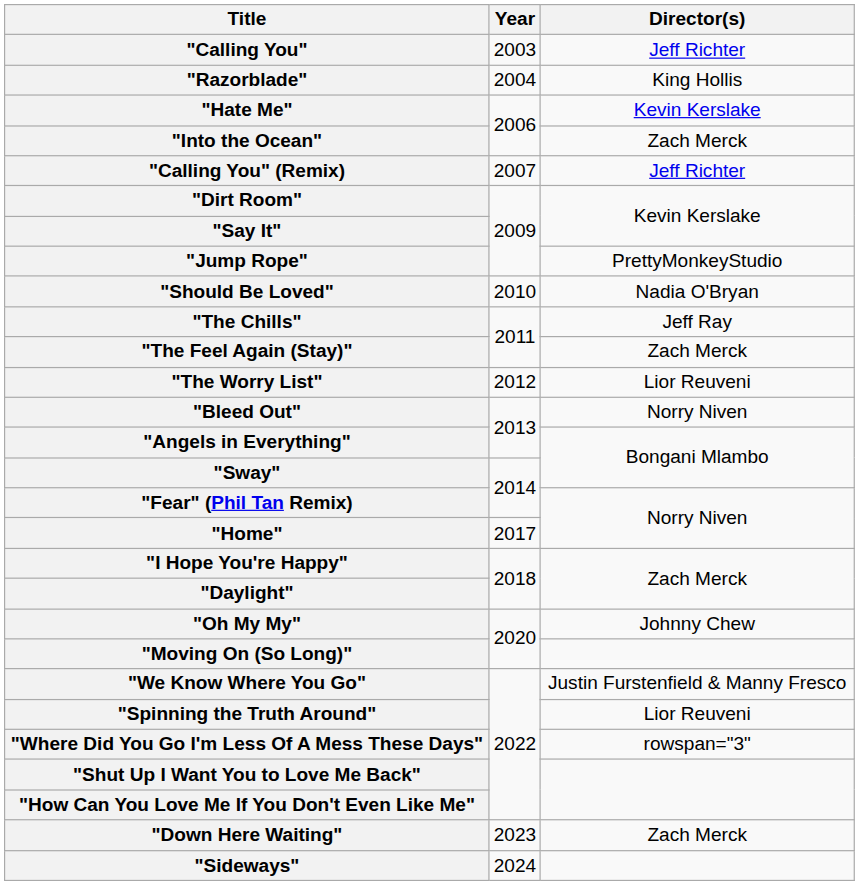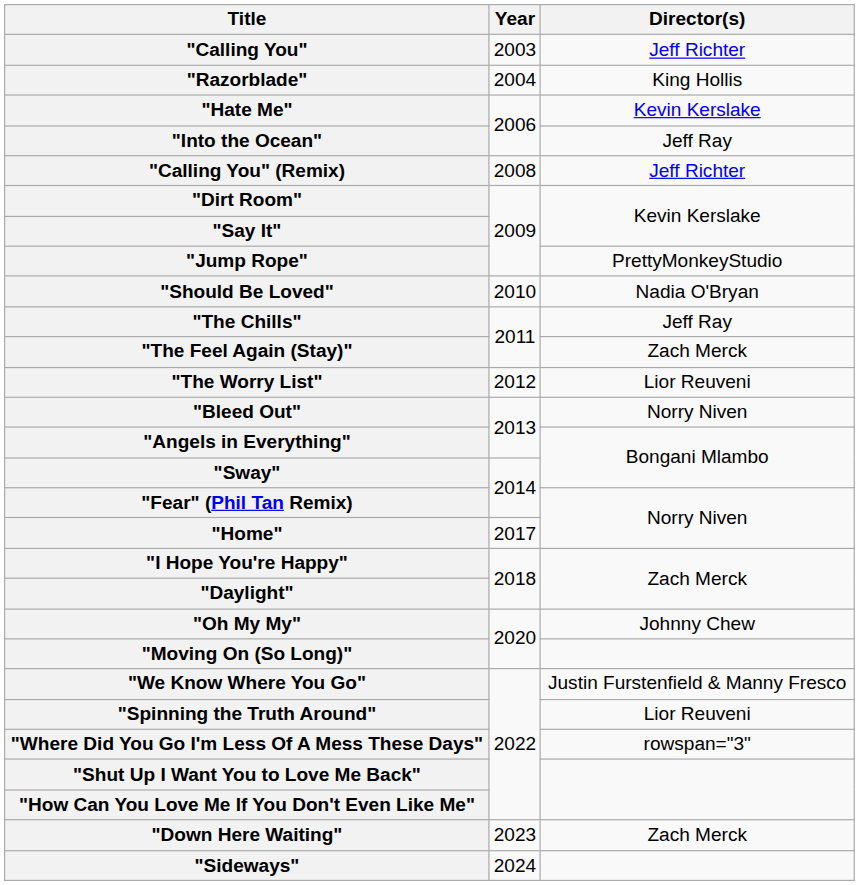 <table class="wikitable plainrowheaders" style="text-align:center;">
 <tr>
 <th scope="col" style="width:25em;">Title</th>
 <th scope="col">Year</th>
 <th scope="col" style="width:16em;">Director(s)</th>
 </tr>
 <tr>
 <th scope="row">"Calling You"</th>
 <td>2003</td>
 <td><a href='#'>Jeff Richter</a></td>
 </tr>
 <tr>
 <th scope="row">"Razorblade"</th>
 <td>2004</td>
 <td>King Hollis</td>
 </tr>
 <tr>
 <th scope="row">"Hate Me"</th>
 <td rowspan="2">2006</td>
 <td><a href='#'>Kevin Kerslake</a></td>
 </tr>
 <tr>
 <th scope="row">"Into the Ocean"</th>
-<td>Zach Merck</td>
+<td>Jeff Ray</td>
 </tr>
 <tr>
 <th scope="row">"Calling You" (Remix)</th>
-<td>2007</td>
+<td>2008</td>
 <td><a href='#'>Jeff Richter</a></td>
 </tr>
 <tr>
 <th scope="row">"Dirt Room"</th>
 <td rowspan="3">2009</td>
 <td rowspan="2">Kevin Kerslake</td>
 </tr>
 <tr>
 <th scope="row">"Say It"</th>
 </tr>
 <tr>
 <th scope="row">"Jump Rope"</th>
 <td>PrettyMonkeyStudio</td>
 </tr>
 <tr>
 <th scope="row">"Should Be Loved"</th>
 <td>2010</td>
 <td>Nadia O'Bryan</td>
 </tr>
 <tr>
 <th scope="row">"The Chills"</th>
 <td rowspan="2">2011</td>
 <td>Jeff Ray</td>
 </tr>
 <tr>
 <th scope="row">"The Feel Again (Stay)"</th>
 <td>Zach Merck</td>
 </tr>
 <tr>
 <th scope="row">"The Worry List"</th>
 <td>2012</td>
 <td>Lior Reuveni</td>
 </tr>
 <tr>
 <th scope="row">"Bleed Out"</th>
 <td rowspan="2">2013</td>
 <td>Norry Niven</td>
 </tr>
 <tr>
 <th scope="row">"Angels in Everything"</th>
 <td rowspan="2">Bongani Mlambo</td>
 </tr>
 <tr>
 <th scope="row">"Sway"</th>
 <td rowspan="2">2014</td>
 </tr>
 <tr>
 <th scope="row">"Fear" (<a href='#'>Phil Tan</a> Remix)</th>
 <td rowspan="2">Norry Niven</td>
 </tr>
 <tr>
 <th scope="row">"Home"</th>
 <td>2017</td>
 </tr>
 <tr>
 <th scope="row">"I Hope You're Happy"</th>
 <td rowspan="2">2018</td>
 <td rowspan="2">Zach Merck</td>
 </tr>
 <tr>
 <th scope="row">"Daylight"</th>
 </tr>
 <tr>
 <th scope="row">"Oh My My"</th>
 <td rowspan="2">2020</td>
 <td>Johnny Chew</td>
 </tr>
 <tr>
 <th scope="row">"Moving On (So Long)"</th>
 <td></td>
 </tr>
 <tr>
 <th scope="row">"We Know Where You Go"</th>
 <td rowspan="5">2022</td>
 <td>Justin Furstenfield & Manny Fresco</td>
 </tr>
 <tr>
 <th scope="row">"Spinning the Truth Around"</th>
 <td>Lior Reuveni</td>
 </tr>
 <tr>
 <th scope="row">"Where Did You Go I'm Less Of A Mess These Days"</th>
 <td>rowspan="3" </td>
 </tr>
 <tr>
 <th scope="row">"Shut Up I Want You to Love Me Back"</th>
 </tr>
 <tr>
 <th scope="row">"How Can You Love Me If You Don't Even Like Me"</th>
 </tr>
 <tr>
 <th scope="row">"Down Here Waiting"</th>
 <td>2023</td>
 <td>Zach Merck</td>
 </tr>
 <tr>
 <th scope="row">"Sideways"</th>
 <td>2024</td>
 <td></td>
 </tr>
 </table>
